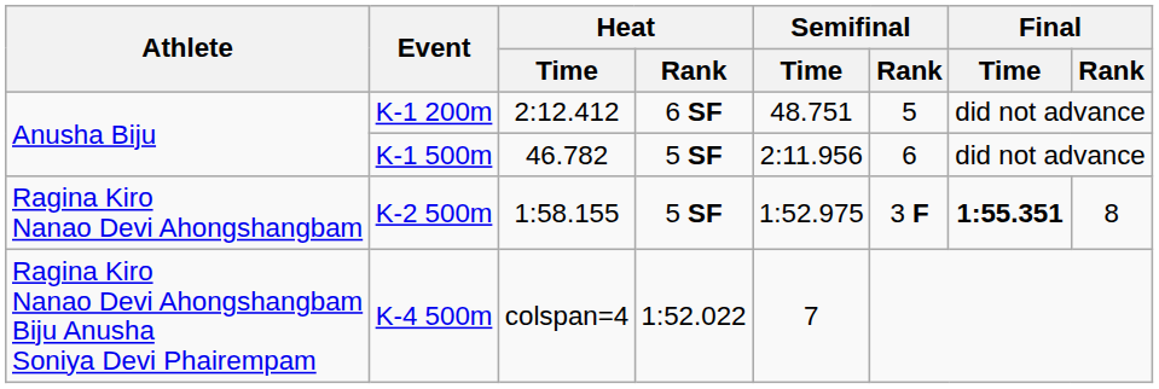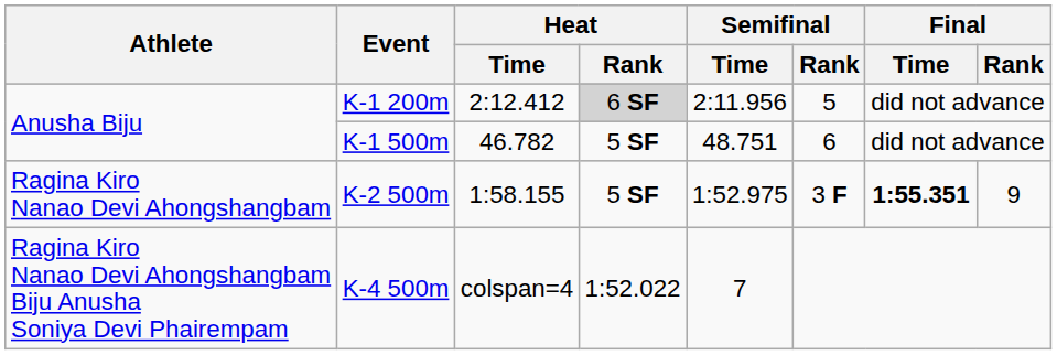 <table class="wikitable" style="text-align:center; font-size:90%">
 <tr>
 <th rowspan="2">Athlete</th>
 <th rowspan="2">Event</th>
 <th colspan="2">Heat</th>
 <th colspan="2">Semifinal</th>
 <th colspan="2">Final</th>
 </tr>
 <tr>
 <th>Time</th>
 <th>Rank</th>
 <th>Time</th>
 <th>Rank</th>
 <th>Time</th>
 <th>Rank</th>
 </tr>
 <tr>
 <td align=left rowspan=2><a href='#'>Anusha Biju</a></td>
 <td><a href='#'>K-1 200m</a></td>
 <td>2:12.412</td>
-<td>6 <strong>SF</strong></td>
-<td>48.751</td>
+<td style="background: lightgrey;">6 <strong>SF</strong></td>
+<td>2:11.956</td>
 <td>5</td>
 <td colspan="2">did not advance</td>
 </tr>
 <tr>
 <td align=left><a href='#'>K-1 500m</a></td>
 <td>46.782</td>
 <td>5 <strong>SF</strong></td>
-<td>2:11.956</td>
+<td>48.751</td>
 <td>6</td>
 <td colspan="2">did not advance</td>
 </tr>
 <tr>
 <td align=left><a href='#'>Ragina Kiro</a><br><a href='#'>Nanao Devi Ahongshangbam</a></td>
 <td align=left><a href='#'>K-2 500m</a></td>
 <td>1:58.155</td>
 <td>5 <strong>SF</strong></td>
 <td>1:52.975</td>
 <td>3 <strong>F</strong></td>
 <td><strong>1:55.351</strong></td>
-<td>8</td>
+<td>9</td>
 </tr>
 <tr>
 <td align=left><a href='#'>Ragina Kiro</a><br><a href='#'>Nanao Devi Ahongshangbam</a><br><a href='#'>Biju Anusha</a><br><a href='#'>Soniya Devi Phairempam</a></td>
 <td align=left><a href='#'>K-4 500m</a></td>
 <td>colspan=4 </td>
 <td>1:52.022</td>
 <td>7</td>
 </tr>
 </table>
